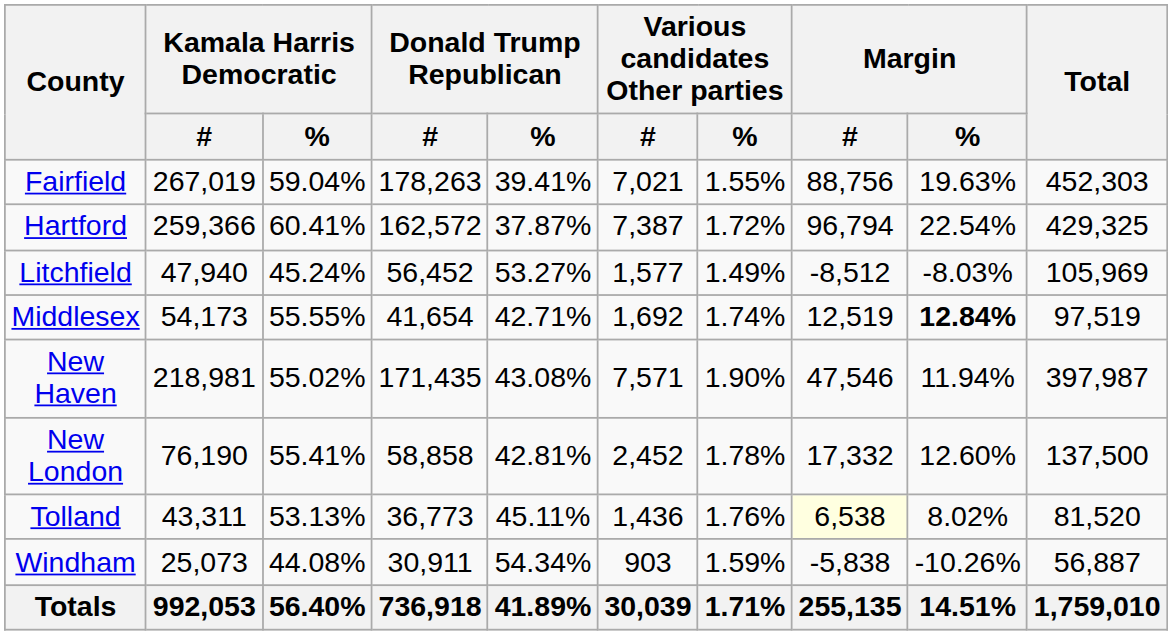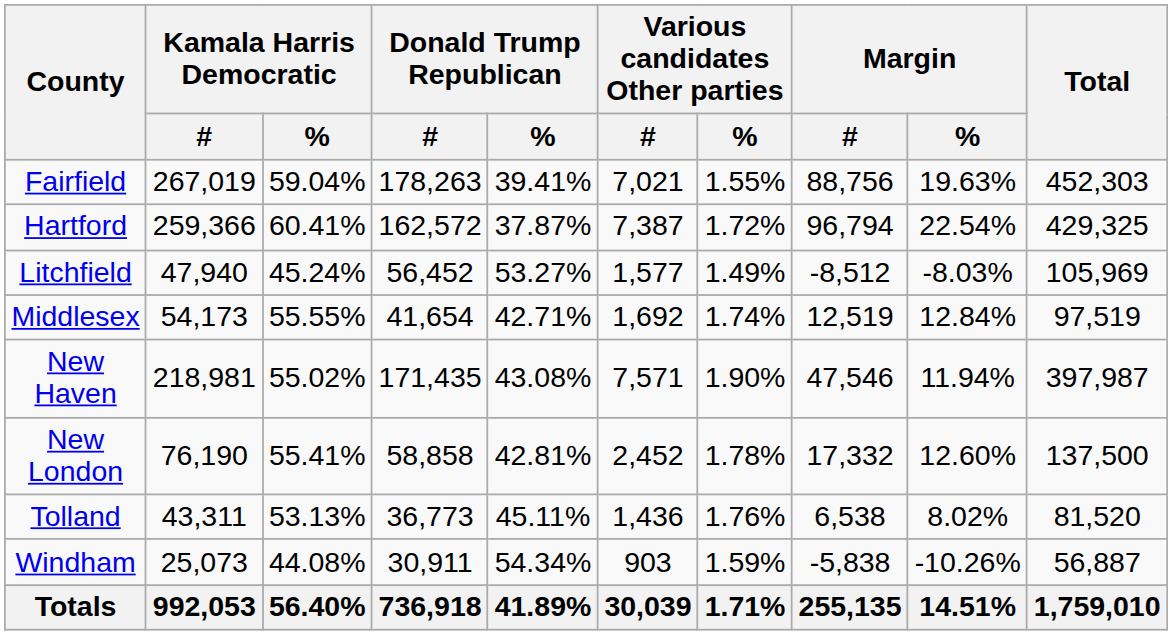 <table width="60%"  class="wikitable sortable" style="text-align:center">
 <tr>
 <th style="text-align:center;" rowspan="2">County</th>
 <th style="text-align:center;" colspan="2">Kamala Harris<br>Democratic</th>
 <th style="text-align:center;" colspan="2">Donald Trump<br>Republican</th>
 <th style="text-align:center;" colspan="2">Various candidates<br>Other parties</th>
 <th style="text-align:center;" colspan="2">Margin</th>
 <th style="text-align:center;" rowspan="2">Total</th>
 </tr>
 <tr style="text-align:center;">
 <th style="text-align:center;" data-sort-type="number">#</th>
 <th style="text-align:center;" data-sort-type="number">%</th>
 <th style="text-align:center;" data-sort-type="number">#</th>
 <th style="text-align:center;" data-sort-type="number">%</th>
 <th style="text-align:center;" data-sort-type="number">#</th>
 <th style="text-align:center;" data-sort-type="number">%</th>
 <th style="text-align:center;" data-sort-type="number">#</th>
 <th style="text-align:center;" data-sort-type="number">%</th>
 </tr>
 <tr style="text-align:center;">
 <td><a href='#'>Fairfield</a></td>
 <td>267,019</td>
 <td>59.04%</td>
 <td>178,263</td>
 <td>39.41%</td>
 <td>7,021</td>
 <td>1.55%</td>
 <td>88,756</td>
 <td>19.63%</td>
 <td>452,303</td>
 </tr>
 <tr style="text-align:center;">
 <td><a href='#'>Hartford</a></td>
 <td>259,366</td>
 <td>60.41%</td>
 <td>162,572</td>
 <td>37.87%</td>
 <td>7,387</td>
 <td>1.72%</td>
 <td>96,794</td>
 <td>22.54%</td>
 <td>429,325</td>
 </tr>
 <tr style="text-align:center;">
 <td><a href='#'>Litchfield</a></td>
 <td>47,940</td>
 <td>45.24%</td>
 <td>56,452</td>
 <td>53.27%</td>
 <td>1,577</td>
 <td>1.49%</td>
 <td>-8,512</td>
 <td>-8.03%</td>
 <td>105,969</td>
 </tr>
 <tr style="text-align:center;">
 <td><a href='#'>Middlesex</a></td>
 <td>54,173</td>
 <td>55.55%</td>
 <td>41,654</td>
 <td>42.71%</td>
 <td>1,692</td>
 <td>1.74%</td>
 <td>12,519</td>
-<td><strong>12.84%</strong></td>
+<td>12.84%</td>
 <td>97,519</td>
 </tr>
 <tr style="text-align:center;">
 <td><a href='#'>New Haven</a></td>
 <td>218,981</td>
 <td>55.02%</td>
 <td>171,435</td>
 <td>43.08%</td>
 <td>7,571</td>
 <td>1.90%</td>
 <td>47,546</td>
 <td>11.94%</td>
 <td>397,987</td>
 </tr>
 <tr style="text-align:center;">
 <td><a href='#'>New London</a></td>
 <td>76,190</td>
 <td>55.41%</td>
 <td>58,858</td>
 <td>42.81%</td>
 <td>2,452</td>
 <td>1.78%</td>
 <td>17,332</td>
 <td>12.60%</td>
 <td>137,500</td>
 </tr>
 <tr style="text-align:center;">
 <td><a href='#'>Tolland</a></td>
 <td>43,311</td>
 <td>53.13%</td>
 <td>36,773</td>
 <td>45.11%</td>
 <td>1,436</td>
 <td>1.76%</td>
-<td style="background: lightyellow;">6,538</td>
+<td>6,538</td>
 <td>8.02%</td>
 <td>81,520</td>
 </tr>
 <tr style="text-align:center;">
 <td><a href='#'>Windham</a></td>
 <td>25,073</td>
 <td>44.08%</td>
 <td>30,911</td>
 <td>54.34%</td>
 <td>903</td>
 <td>1.59%</td>
 <td>-5,838</td>
 <td>-10.26%</td>
 <td>56,887</td>
 </tr>
 <tr style="text-align:center;">
 <th>Totals</th>
 <th>992,053</th>
 <th>56.40%</th>
 <th>736,918</th>
 <th>41.89%</th>
 <th>30,039</th>
 <th>1.71%</th>
 <th>255,135</th>
 <th>14.51%</th>
 <th>1,759,010</th>
 </tr>
 </table>
